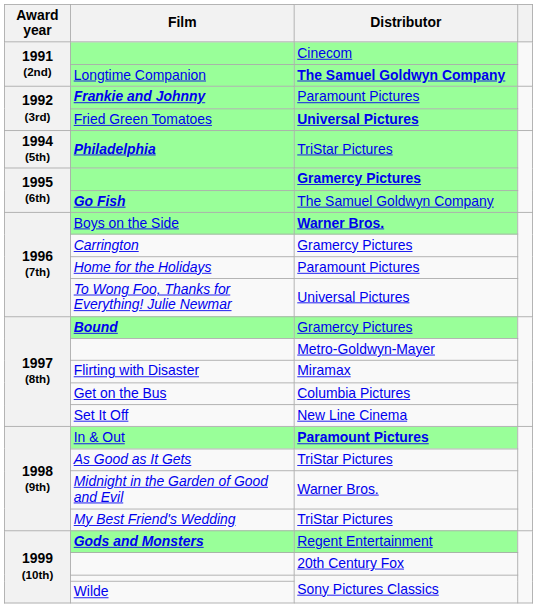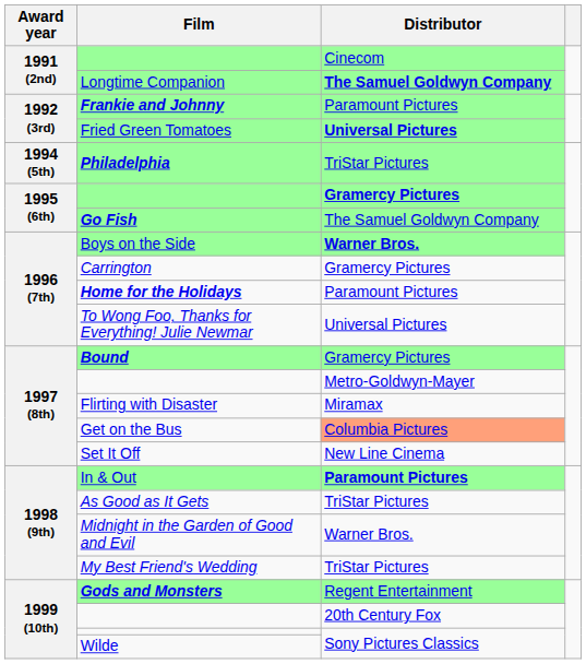 <table class="wikitable sortable">
 <tr>
 <th scope="col" style="width:8%">Award year</th>
 <th scope="col" style="width:30%">Film</th>
 <th scope="col" style="width:30%">Distributor</th>
 <th scope="col" style="width:2%" class="unsortable"></th>
 </tr>
 <tr>
 <th rowspan="2" scope="rowgroup" style="text-align:center">1991<br><small>(2nd)</small></th>
 <td style="background:#99ff99;"><strong><em><em> <strong></td>
 <td style="background:#99ff99;"></strong><a href='#'>Cinecom</a><strong></td>
 <td rowspan="2" align="center"><br></td>
 </tr>
 <tr>
 <td style="background:#99ff99;"></em></strong><a href='#'>Longtime Companion</a></em> </strong></td>
 <td style="background:#99ff99;"><strong><a href='#'>The Samuel Goldwyn Company</a></strong></td>
 </tr>
 <tr>
 <th rowspan="2" scope="rowgroup" style="text-align:center">1992<br><small>(3rd)</small></th>
 <td style="background:#99ff99;"><strong><em><a href='#'>Frankie and Johnny</a><em> <strong></td>
 <td style="background:#99ff99;"></strong><a href='#'>Paramount Pictures</a><strong></td>
 <td rowspan="2" align="center"><br></td>
 </tr>
 <tr>
 <td style="background:#99ff99;"></em></strong><a href='#'>Fried Green Tomatoes</a></em> </strong></td>
 <td style="background:#99ff99;"><strong><a href='#'>Universal Pictures</a></strong></td>
 </tr>
 <tr>
 <th scope="row" style="text-align:center">1994<br><small>(5th)</small></th>
 <td style="background:#99ff99;"><strong><em><a href='#'>Philadelphia</a><em> <strong></td>
 <td style="background:#99ff99;"></strong><a href='#'>TriStar Pictures</a><strong></td>
 <td rowspan="3" align="center"></td>
 </tr>
 <tr>
 <th rowspan="2" scope="rowgroup" style="text-align:center">1995<br><small>(6th)</small></th>
 <td style="background:#99ff99;"></em></strong></em> </strong></td>
 <td style="background:#99ff99;"><strong><a href='#'>Gramercy Pictures</a></strong></td>
 </tr>
 <tr>
 <td style="background:#99ff99;"><strong><em><a href='#'>Go Fish</a><em> <strong></td>
 <td style="background:#99ff99;"></strong><a href='#'>The Samuel Goldwyn Company</a><strong></td>
 </tr>
 <tr>
 <th rowspan="4" scope="rowgroup" style="text-align:center">1996<br><small>(7th)</small></th>
 <td style="background:#99ff99;"></em></strong><a href='#'>Boys on the Side</a></em> </strong></td>
 <td style="background:#99ff99;"><strong><a href='#'>Warner Bros.</a></strong></td>
 <td rowspan="4" align="center"><br></td>
 </tr>
 <tr>
 <td><em><a href='#'>Carrington</a></em></td>
 <td><a href='#'>Gramercy Pictures</a></td>
 </tr>
 <tr>
-<td><em><a href='#'>Home for the Holidays</a></em></td>
+<td><strong><em><a href='#'>Home for the Holidays</a></em></strong></td>
 <td><a href='#'>Paramount Pictures</a></td>
 </tr>
 <tr>
 <td><em><a href='#'>To Wong Foo, Thanks for Everything! Julie Newmar</a></em></td>
 <td><a href='#'>Universal Pictures</a></td>
 </tr>
 <tr>
 <th rowspan="5" scope="rowgroup" style="text-align:center">1997<br><small>(8th)</small></th>
 <td style="background:#99ff99;"><strong><em><a href='#'>Bound</a><em> <strong></td>
 <td style="background:#99ff99;"></strong><a href='#'>Gramercy Pictures</a><strong></td>
 <td rowspan="5" align="center"><br></td>
 </tr>
 <tr>
 <td></em><em></td>
 <td><a href='#'>Metro-Goldwyn-Mayer</a></td>
 </tr>
 <tr>
 <td></em><a href='#'>Flirting with Disaster</a><em></td>
 <td><a href='#'>Miramax</a></td>
 </tr>
 <tr>
 <td></em><a href='#'>Get on the Bus</a><em></td>
-<td><a href='#'>Columbia Pictures</a></td>
+<td style="background: lightsalmon;"><a href='#'>Columbia Pictures</a></td>
 </tr>
 <tr>
 <td></em><a href='#'>Set It Off</a><em></td>
 <td><a href='#'>New Line Cinema</a></td>
 </tr>
 <tr>
 <th rowspan="4" scope="rowgroup" style="text-align:center">1998<br><small>(9th)</small></th>
 <td style="background:#99ff99;"></em></strong><a href='#'>In & Out</a></em> </strong></td>
 <td style="background:#99ff99;"><strong><a href='#'>Paramount Pictures</a></strong></td>
 <td rowspan="4" align="center"><br><br></td>
 </tr>
 <tr>
 <td><em><a href='#'>As Good as It Gets</a></em></td>
 <td><a href='#'>TriStar Pictures</a></td>
 </tr>
 <tr>
 <td><em><a href='#'>Midnight in the Garden of Good and Evil</a></em></td>
 <td><a href='#'>Warner Bros.</a></td>
 </tr>
 <tr>
 <td><em><a href='#'>My Best Friend's Wedding</a></em></td>
 <td><a href='#'>TriStar Pictures</a></td>
 </tr>
 <tr>
 <th rowspan="4" scope="rowgroup" style="text-align:center">1999<br><small>(10th)</small></th>
 <td style="background:#99ff99;"><strong><em><a href='#'>Gods and Monsters</a><em> <strong></td>
 <td style="background:#99ff99;"></strong><a href='#'>Regent Entertainment</a><strong></td>
 <td rowspan="4" align="center"><br></td>
 </tr>
 <tr>
 <td></em><em></td>
 <td><a href='#'>20th Century Fox</a></td>
 </tr>
 <tr>
 <td></em><em></td>
 <td rowspan="2"><a href='#'>Sony Pictures Classics</a></td>
 </tr>
 <tr>
 <td></em><a href='#'>Wilde</a><em></td>
 </tr>
 </table>
